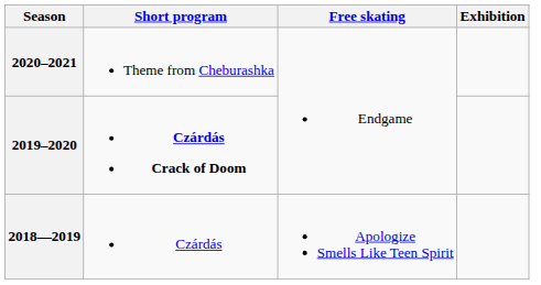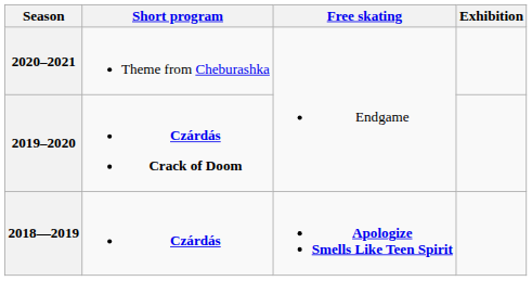 <table class=wikitable style=text-align:center>
 <tr>
 <th>Season</th>
 <th><a href='#'>Short program</a></th>
 <th><a href='#'>Free skating</a></th>
 <th>Exhibition</th>
 </tr>
 <tr>
 <th>2020–2021</th>
 <td><br><ul><li>Theme from <a href='#'>Cheburashka</a> <br> </li></ul></td>
 <td rowspan=2><br><ul><li>Endgame <br> </li></ul></td>
 <td></td>
 </tr>
 <tr>
 <th>2019–2020</th>
 <td><strong><br><ul><li><a href='#'>Czárdás</a> <br> </li></ul><ul><li>Crack of Doom <br> </li></ul></strong></td>
 <td></td>
 </tr>
 <tr>
 <th>2018—2019</th>
-<td><br><ul><li><a href='#'>Czárdás</a> <br> </li></ul></td>
-<td><br><ul><li><a href='#'>Apologize</a> <br> </li><li><a href='#'>Smells Like Teen Spirit</a> <br> </li></ul></td>
+<td><strong><br><ul><li><a href='#'>Czárdás</a> <br> </li></ul></strong></td>
+<td><strong><br><ul><li><a href='#'>Apologize</a> <br> </li><li><a href='#'>Smells Like Teen Spirit</a> <br> </li></ul></strong></td>
 <td></td>
 </tr>
 </table>
